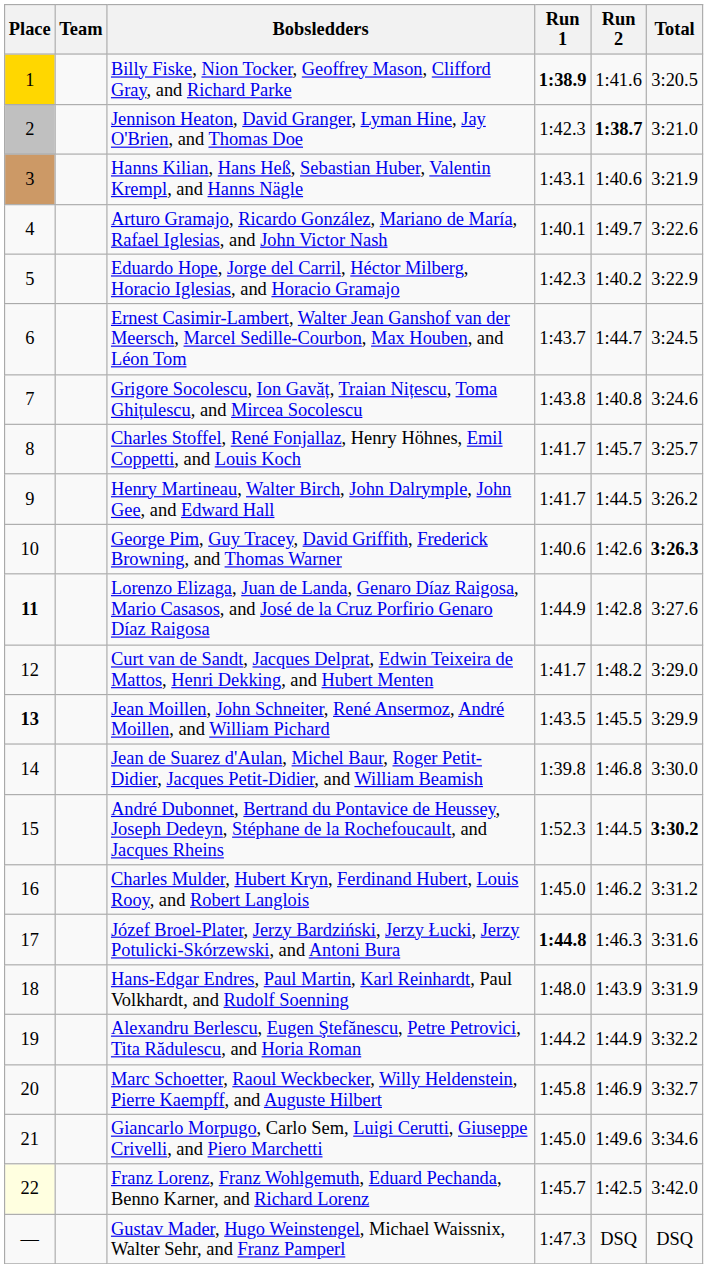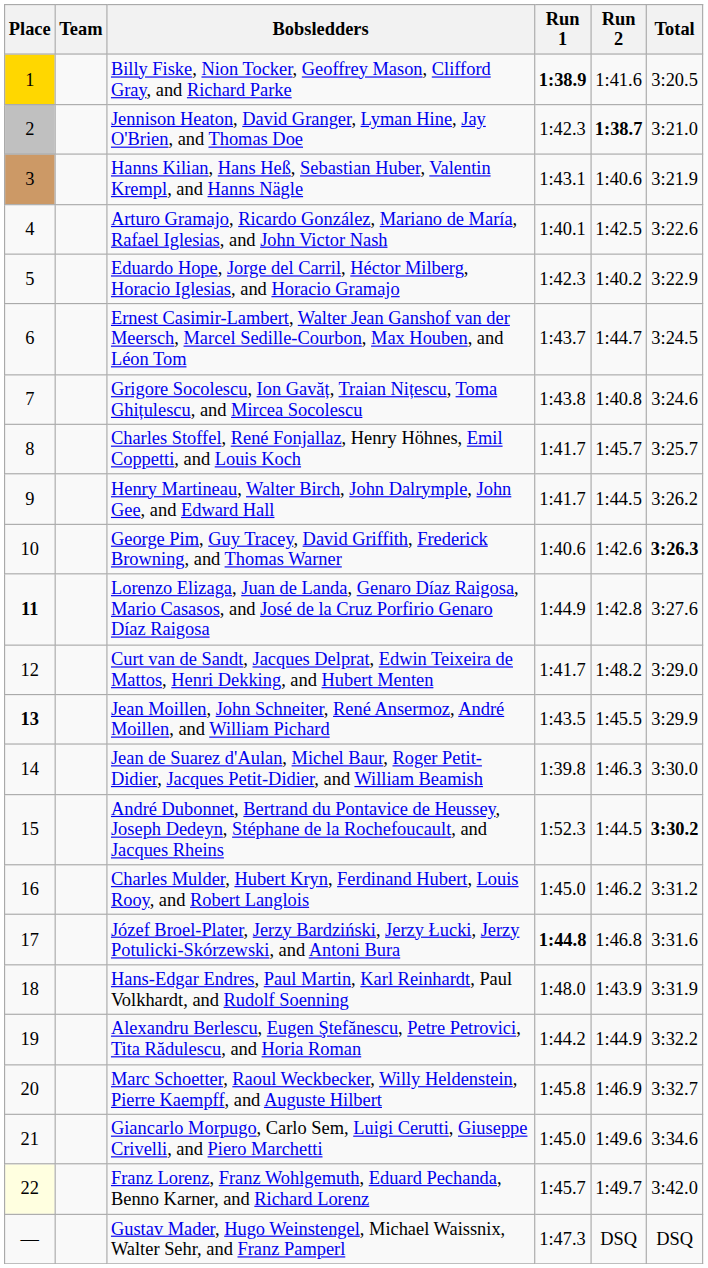 <table class="wikitable" style="text-align:center">
 <tr>
 <th>Place</th>
 <th>Team</th>
 <th>Bobsledders</th>
 <th>Run 1</th>
 <th>Run 2</th>
 <th>Total</th>
 </tr>
 <tr>
 <td bgcolor=gold>1</td>
 <td align=left></td>
 <td align=left><a href='#'>Billy Fiske</a>, <a href='#'>Nion Tocker</a>, <a href='#'>Geoffrey Mason</a>, <a href='#'>Clifford Gray</a>, and <a href='#'>Richard Parke</a></td>
 <td><strong>1:38.9</strong></td>
 <td>1:41.6</td>
 <td>3:20.5</td>
 </tr>
 <tr>
 <td bgcolor=silver>2</td>
 <td align=left></td>
 <td align=left><a href='#'>Jennison Heaton</a>, <a href='#'>David Granger</a>, <a href='#'>Lyman Hine</a>, <a href='#'>Jay O'Brien</a>, and <a href='#'>Thomas Doe</a></td>
 <td>1:42.3</td>
 <td><strong>1:38.7</strong></td>
 <td>3:21.0</td>
 </tr>
 <tr>
 <td bgcolor=cc9966>3</td>
 <td align=left></td>
 <td align=left><a href='#'>Hanns Kilian</a>, <a href='#'>Hans Heß</a>, <a href='#'>Sebastian Huber</a>, <a href='#'>Valentin Krempl</a>, and <a href='#'>Hanns Nägle</a></td>
 <td>1:43.1</td>
 <td>1:40.6</td>
 <td>3:21.9</td>
 </tr>
 <tr>
 <td>4</td>
 <td align=left></td>
 <td align=left><a href='#'>Arturo Gramajo</a>, <a href='#'>Ricardo González</a>, <a href='#'>Mariano de María</a>, <a href='#'>Rafael Iglesias</a>, and <a href='#'>John Victor Nash</a></td>
 <td>1:40.1</td>
-<td>1:49.7</td>
+<td>1:42.5</td>
 <td>3:22.6</td>
 </tr>
 <tr>
 <td>5</td>
 <td align=left></td>
 <td align=left><a href='#'>Eduardo Hope</a>, <a href='#'>Jorge del Carril</a>, <a href='#'>Héctor Milberg</a>, <a href='#'>Horacio Iglesias</a>, and <a href='#'>Horacio Gramajo</a></td>
 <td>1:42.3</td>
 <td>1:40.2</td>
 <td>3:22.9</td>
 </tr>
 <tr>
 <td>6</td>
 <td align=left></td>
 <td align=left><a href='#'>Ernest Casimir-Lambert</a>, <a href='#'>Walter Jean Ganshof van der Meersch</a>, <a href='#'>Marcel Sedille-Courbon</a>, <a href='#'>Max Houben</a>, and <a href='#'>Léon Tom</a></td>
 <td>1:43.7</td>
 <td>1:44.7</td>
 <td>3:24.5</td>
 </tr>
 <tr>
 <td>7</td>
 <td align=left></td>
 <td align=left><a href='#'>Grigore Socolescu</a>, <a href='#'>Ion Gavăț</a>, <a href='#'>Traian Nițescu</a>, <a href='#'>Toma Ghițulescu</a>, and <a href='#'>Mircea Socolescu</a></td>
 <td>1:43.8</td>
 <td>1:40.8</td>
 <td>3:24.6</td>
 </tr>
 <tr>
 <td>8</td>
 <td align=left></td>
 <td align=left><a href='#'>Charles Stoffel</a>, <a href='#'>René Fonjallaz</a>, Henry Höhnes, <a href='#'>Emil Coppetti</a>, and <a href='#'>Louis Koch</a></td>
 <td>1:41.7</td>
 <td>1:45.7</td>
 <td>3:25.7</td>
 </tr>
 <tr>
 <td>9</td>
 <td align=left></td>
 <td align=left><a href='#'>Henry Martineau</a>, <a href='#'>Walter Birch</a>, <a href='#'>John Dalrymple</a>, <a href='#'>John Gee</a>, and <a href='#'>Edward Hall</a></td>
 <td>1:41.7</td>
 <td>1:44.5</td>
 <td>3:26.2</td>
 </tr>
 <tr>
 <td>10</td>
 <td align=left></td>
 <td align=left><a href='#'>George Pim</a>, <a href='#'>Guy Tracey</a>, <a href='#'>David Griffith</a>, <a href='#'>Frederick Browning</a>, and <a href='#'>Thomas Warner</a></td>
 <td>1:40.6</td>
 <td>1:42.6</td>
 <td><strong>3:26.3</strong></td>
 </tr>
 <tr>
 <td><strong>11</strong></td>
 <td align=left></td>
 <td align=left><a href='#'>Lorenzo Elizaga</a>, <a href='#'>Juan de Landa</a>, <a href='#'>Genaro Díaz Raigosa</a>, <a href='#'>Mario Casasos</a>, and <a href='#'>José de la Cruz Porfirio Genaro Díaz Raigosa</a></td>
 <td>1:44.9</td>
 <td>1:42.8</td>
 <td>3:27.6</td>
 </tr>
 <tr>
 <td>12</td>
 <td align=left></td>
 <td align=left><a href='#'>Curt van de Sandt</a>, <a href='#'>Jacques Delprat</a>, <a href='#'>Edwin Teixeira de Mattos</a>, <a href='#'>Henri Dekking</a>, and <a href='#'>Hubert Menten</a></td>
 <td>1:41.7</td>
 <td>1:48.2</td>
 <td>3:29.0</td>
 </tr>
 <tr>
 <td><strong>13</strong></td>
 <td align=left></td>
 <td align=left><a href='#'>Jean Moillen</a>, <a href='#'>John Schneiter</a>, <a href='#'>René Ansermoz</a>, <a href='#'>André Moillen</a>, and <a href='#'>William Pichard</a></td>
 <td>1:43.5</td>
 <td>1:45.5</td>
 <td>3:29.9</td>
 </tr>
 <tr>
 <td>14</td>
 <td align=left></td>
 <td align=left><a href='#'>Jean de Suarez d'Aulan</a>, <a href='#'>Michel Baur</a>, <a href='#'>Roger Petit-Didier</a>, <a href='#'>Jacques Petit-Didier</a>, and <a href='#'>William Beamish</a></td>
 <td>1:39.8</td>
-<td>1:46.8</td>
+<td>1:46.3</td>
 <td>3:30.0</td>
 </tr>
 <tr>
 <td>15</td>
 <td align=left></td>
 <td align=left><a href='#'>André Dubonnet</a>, <a href='#'>Bertrand du Pontavice de Heussey</a>, <a href='#'>Joseph Dedeyn</a>, <a href='#'>Stéphane de la Rochefoucault</a>, and <a href='#'>Jacques Rheins</a></td>
 <td>1:52.3</td>
 <td>1:44.5</td>
 <td><strong>3:30.2</strong></td>
 </tr>
 <tr>
 <td>16</td>
 <td align=left></td>
 <td align=left><a href='#'>Charles Mulder</a>, <a href='#'>Hubert Kryn</a>, <a href='#'>Ferdinand Hubert</a>, <a href='#'>Louis Rooy</a>, and <a href='#'>Robert Langlois</a></td>
 <td>1:45.0</td>
 <td>1:46.2</td>
 <td>3:31.2</td>
 </tr>
 <tr>
 <td>17</td>
 <td align=left></td>
 <td align=left><a href='#'>Józef Broel-Plater</a>, <a href='#'>Jerzy Bardziński</a>, <a href='#'>Jerzy Łucki</a>, <a href='#'>Jerzy Potulicki-Skórzewski</a>, and <a href='#'>Antoni Bura</a></td>
 <td><strong>1:44.8</strong></td>
-<td>1:46.3</td>
+<td>1:46.8</td>
 <td>3:31.6</td>
 </tr>
 <tr>
 <td>18</td>
 <td align=left></td>
 <td align=left><a href='#'>Hans-Edgar Endres</a>, <a href='#'>Paul Martin</a>, <a href='#'>Karl Reinhardt</a>, Paul Volkhardt, and <a href='#'>Rudolf Soenning</a></td>
 <td>1:48.0</td>
 <td>1:43.9</td>
 <td>3:31.9</td>
 </tr>
 <tr>
 <td>19</td>
 <td align=left></td>
 <td align=left><a href='#'>Alexandru Berlescu</a>, <a href='#'>Eugen Ştefănescu</a>, <a href='#'>Petre Petrovici</a>, <a href='#'>Tita Rădulescu</a>, and <a href='#'>Horia Roman</a></td>
 <td>1:44.2</td>
 <td>1:44.9</td>
 <td>3:32.2</td>
 </tr>
 <tr>
 <td>20</td>
 <td align=left></td>
 <td align=left><a href='#'>Marc Schoetter</a>, <a href='#'>Raoul Weckbecker</a>, <a href='#'>Willy Heldenstein</a>, <a href='#'>Pierre Kaempff</a>, and <a href='#'>Auguste Hilbert</a></td>
 <td>1:45.8</td>
 <td>1:46.9</td>
 <td>3:32.7</td>
 </tr>
 <tr>
 <td>21</td>
 <td align=left></td>
 <td align=left><a href='#'>Giancarlo Morpugo</a>, Carlo Sem, <a href='#'>Luigi Cerutti</a>, <a href='#'>Giuseppe Crivelli</a>, and <a href='#'>Piero Marchetti</a></td>
 <td>1:45.0</td>
 <td>1:49.6</td>
 <td>3:34.6</td>
 </tr>
 <tr>
 <td style="background: lightyellow;">22</td>
 <td align=left></td>
 <td align=left><a href='#'>Franz Lorenz</a>, <a href='#'>Franz Wohlgemuth</a>, <a href='#'>Eduard Pechanda</a>, Benno Karner, and <a href='#'>Richard Lorenz</a></td>
 <td>1:45.7</td>
-<td>1:42.5</td>
+<td>1:49.7</td>
 <td>3:42.0</td>
 </tr>
 <tr>
 <td>—</td>
 <td align=left></td>
 <td align=left><a href='#'>Gustav Mader</a>, <a href='#'>Hugo Weinstengel</a>, Michael Waissnix, Walter Sehr, and <a href='#'>Franz Pamperl</a></td>
 <td>1:47.3</td>
 <td>DSQ</td>
 <td>DSQ</td>
 </tr>
 </table>
